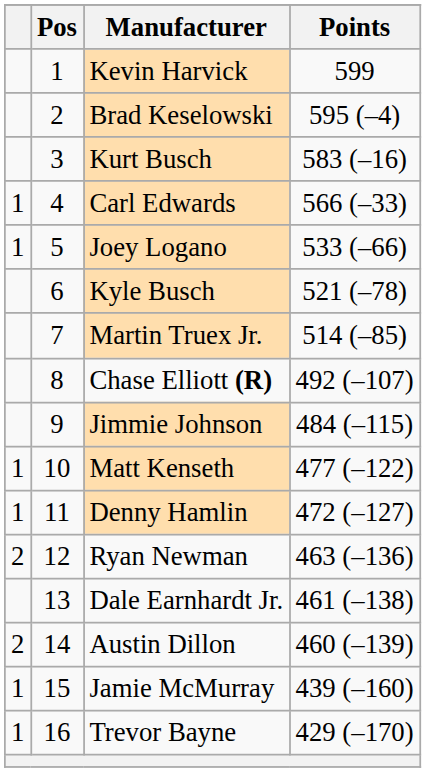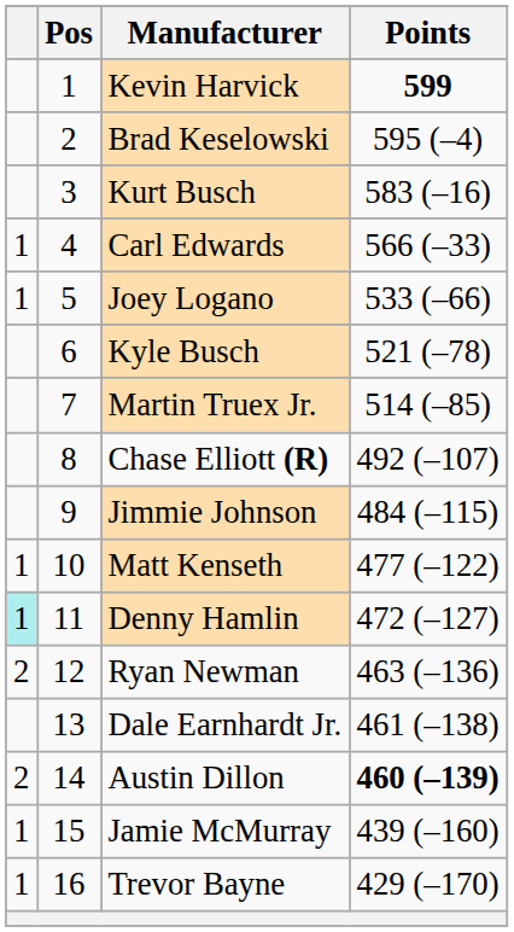 <table class="wikitable" style="font-size:95%">
 <tr>
 </tr>
 <tr>
 <th></th>
 <th>Pos</th>
 <th>Manufacturer</th>
 <th>Points</th>
 </tr>
 <tr>
 <td align="left"></td>
 <td style="text-align:center;">1</td>
 <td style="background:#FFDEAD;">Kevin Harvick</td>
-<td style="text-align:center;">599</td>
+<td style="text-align:center;"><strong>599</strong></td>
 </tr>
 <tr>
 <td align="left"></td>
 <td style="text-align:center;">2</td>
 <td style="background:#FFDEAD;">Brad Keselowski</td>
 <td style="text-align:center;">595 (–4)</td>
 </tr>
 <tr>
 <td align="left"></td>
 <td style="text-align:center;">3</td>
 <td style="background:#FFDEAD;">Kurt Busch</td>
 <td style="text-align:center;">583 (–16)</td>
 </tr>
 <tr>
 <td align="left"> 1</td>
 <td style="text-align:center;">4</td>
 <td style="background:#FFDEAD;">Carl Edwards</td>
 <td style="text-align:center;">566 (–33)</td>
 </tr>
 <tr>
 <td align="left"> 1</td>
 <td style="text-align:center;">5</td>
 <td style="background:#FFDEAD;">Joey Logano</td>
 <td style="text-align:center;">533 (–66)</td>
 </tr>
 <tr>
 <td align="left"></td>
 <td style="text-align:center;">6</td>
 <td style="background:#FFDEAD;">Kyle Busch</td>
 <td style="text-align:center;">521 (–78)</td>
 </tr>
 <tr>
 <td align="left"></td>
 <td style="text-align:center;">7</td>
 <td style="background:#FFDEAD;">Martin Truex Jr.</td>
 <td style="text-align:center;">514 (–85)</td>
 </tr>
 <tr>
 <td align="left"></td>
 <td style="text-align:center;">8</td>
 <td>Chase Elliott <strong>(R)</strong></td>
 <td style="text-align:center;">492 (–107)</td>
 </tr>
 <tr>
 <td align="left"></td>
 <td style="text-align:center;">9</td>
 <td style="background:#FFDEAD;">Jimmie Johnson</td>
 <td style="text-align:center;">484 (–115)</td>
 </tr>
 <tr>
 <td align="left"> 1</td>
 <td style="text-align:center;">10</td>
 <td style="background:#FFDEAD;">Matt Kenseth</td>
 <td style="text-align:center;">477 (–122)</td>
 </tr>
 <tr>
-<td align="left"> 1</td>
+<td align="left" style="background: paleturquoise;"> 1</td>
 <td style="text-align:center;">11</td>
 <td style="background:#FFDEAD;">Denny Hamlin</td>
 <td style="text-align:center;">472 (–127)</td>
 </tr>
 <tr>
 <td align="left"> 2</td>
 <td style="text-align:center;">12</td>
 <td>Ryan Newman</td>
 <td style="text-align:center;">463 (–136)</td>
 </tr>
 <tr>
 <td align="left"></td>
 <td style="text-align:center;">13</td>
 <td>Dale Earnhardt Jr.</td>
 <td style="text-align:center;">461 (–138)</td>
 </tr>
 <tr>
 <td align="left"> 2</td>
 <td style="text-align:center;">14</td>
 <td>Austin Dillon</td>
-<td style="text-align:center;">460 (–139)</td>
+<td style="text-align:center;"><strong>460 (–139)</strong></td>
 </tr>
 <tr>
 <td align="left"> 1</td>
 <td style="text-align:center;">15</td>
 <td>Jamie McMurray</td>
 <td style="text-align:center;">439 (–160)</td>
 </tr>
 <tr>
 <td align="left"> 1</td>
 <td style="text-align:center;">16</td>
 <td>Trevor Bayne</td>
 <td style="text-align:center;">429 (–170)</td>
 </tr>
 <tr class="sortbottom">
 <th colspan="9"></th>
 </tr>
 </table>
